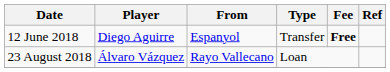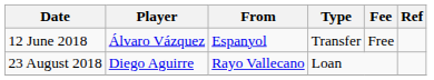 <table class="wikitable">
 <tr>
 <th>Date</th>
 <th>Player</th>
 <th>From</th>
 <th>Type</th>
 <th>Fee</th>
 <th>Ref</th>
 </tr>
 <tr>
 <td>12 June 2018</td>
-<td> <a href='#'>Diego Aguirre</a></td>
+<td> <a href='#'>Álvaro Vázquez</a></td>
 <td> <a href='#'>Espanyol</a></td>
 <td>Transfer</td>
-<td><strong>Free</strong></td>
+<td>Free</td>
 <td></td>
 </tr>
 <tr>
 <td>23 August 2018</td>
-<td> <a href='#'>Álvaro Vázquez</a></td>
+<td> <a href='#'>Diego Aguirre</a></td>
 <td> <a href='#'>Rayo Vallecano</a></td>
 <td colspan=2>Loan</td>
 <td></td>
 </tr>
 <tr>
 </tr>
 </table>
